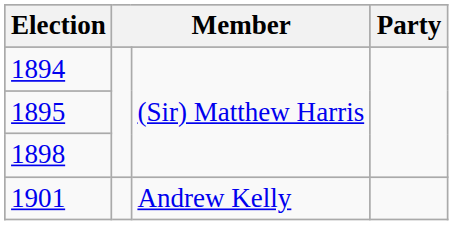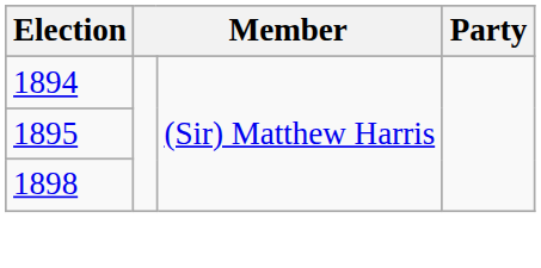 <table class="wikitable">
 <tr>
 <th>Election</th>
 <th colspan="2">Member</th>
 <th>Party</th>
 </tr>
 <tr>
 <td><a href='#'>1894</a></td>
 <td rowspan="3" > </td>
 <td rowspan="3"><a href='#'>(Sir) Matthew Harris</a></td>
 <td rowspan="3"></td>
 </tr>
 <tr>
 <td><a href='#'>1895</a></td>
 </tr>
 <tr>
 <td><a href='#'>1898</a></td>
 </tr>
-<tr>
-<td><a href='#'>1901</a></td>
-<td> </td>
-<td><a href='#'>Andrew Kelly</a></td>
-<td></td>
-</tr>
 </table>
